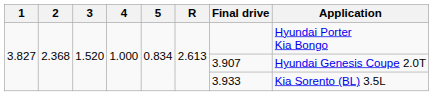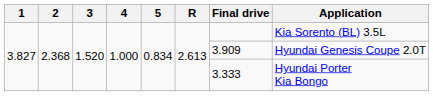 <table class=wikitable>
 <tr>
 <th>1</th>
 <th>2</th>
 <th>3</th>
 <th>4</th>
 <th>5</th>
 <th>R</th>
 <th>Final drive</th>
 <th>Application</th>
 </tr>
 <tr>
 <td rowspan=3>3.827</td>
 <td rowspan=3>2.368</td>
 <td rowspan=3>1.520</td>
 <td rowspan=3>1.000</td>
 <td rowspan=3>0.834</td>
 <td rowspan=3>2.613</td>
 <td></td>
-<td><a href='#'>Hyundai Porter</a><br><a href='#'>Kia Bongo</a></td>
+<td><a href='#'>Kia Sorento (BL)</a> 3.5L</td>
 </tr>
 <tr>
-<td>3.907</td>
+<td>3.909</td>
 <td><a href='#'>Hyundai Genesis Coupe</a> 2.0T</td>
 </tr>
 <tr>
-<td>3.933</td>
-<td><a href='#'>Kia Sorento (BL)</a> 3.5L</td>
+<td>3.333</td>
+<td><a href='#'>Hyundai Porter</a><br><a href='#'>Kia Bongo</a></td>
 </tr>
 </table>
